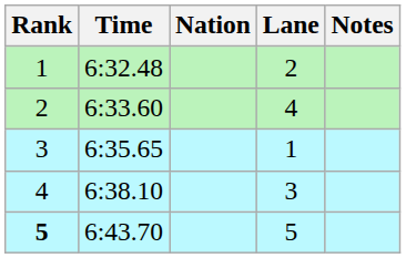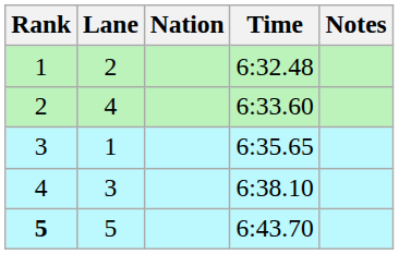 <table class="wikitable sortable" style="text-align:center">
 <tr>
 <th>Rank</th>
+<th>Lane</th>
+<th>Nation</th>
 <th>Time</th>
-<th>Nation</th>
-<th>Lane</th>
 <th>Notes</th>
 </tr>
 <tr bgcolor=bbf3bb>
 <td>1</td>
+<td>2</td>
+<td align=left></td>
 <td>6:32.48</td>
-<td align=left></td>
-<td>2</td>
 <td></td>
 </tr>
 <tr bgcolor=bbf3bb>
 <td>2</td>
+<td>4</td>
+<td align=left></td>
 <td>6:33.60</td>
-<td align=left></td>
-<td>4</td>
 <td></td>
 </tr>
 <tr bgcolor=bbf9ff>
 <td>3</td>
+<td>1</td>
+<td align=left></td>
 <td>6:35.65</td>
-<td align=left></td>
-<td>1</td>
 <td></td>
 </tr>
 <tr bgcolor=bbf9ff>
 <td>4</td>
+<td>3</td>
+<td align=left></td>
 <td>6:38.10</td>
-<td align=left></td>
-<td>3</td>
 <td></td>
 </tr>
 <tr bgcolor=bbf9ff>
 <td><strong>5</strong></td>
+<td>5</td>
+<td align=left></td>
 <td>6:43.70</td>
-<td align=left></td>
-<td>5</td>
 <td></td>
 </tr>
 </table>
